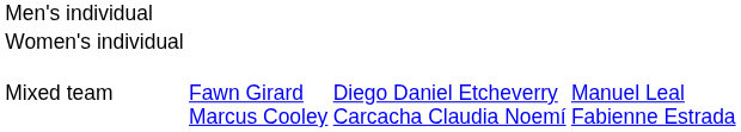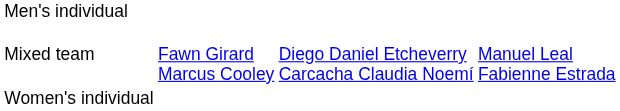 <table>
 <tr>
 <td>Men's individual</td>
-<td></td>
-<td></td>
-<td></td>
-</tr>
-<tr>
-<td>Women's individual</td>
 <td></td>
 <td></td>
 <td></td>
 </tr>
 <tr>
 <td>Mixed team</td>
 <td><br><a href='#'>Fawn Girard</a><br><a href='#'>Marcus Cooley</a></td>
 <td><br><a href='#'>Diego Daniel Etcheverry</a><br><a href='#'>Carcacha Claudia Noemí</a></td>
 <td><br><a href='#'>Manuel Leal</a><br><a href='#'>Fabienne Estrada</a></td>
 </tr>
+<tr>
+<td>Women's individual</td>
+<td></td>
+<td></td>
+<td></td>
+</tr>
 </table>
